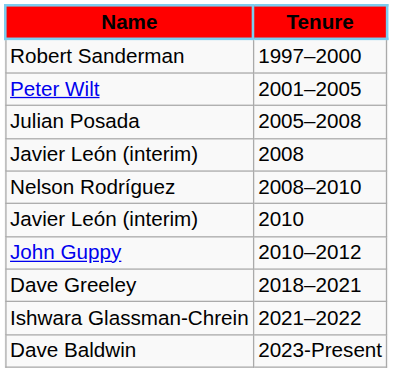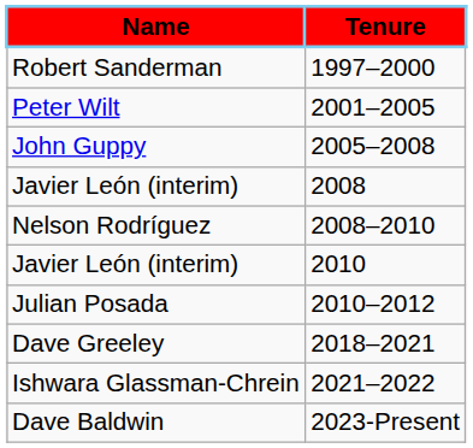 <table class="wikitable">
 <tr>
 <th style="background:#FF0000; color:#000; border:2px solid #7CCDEF;" scope="col">Name</th>
 <th style="background:#FF0000; color:#000; border:2px solid #7CCDEF;" scope="col">Tenure</th>
 </tr>
 <tr>
 <td>Robert Sanderman</td>
 <td>1997–2000</td>
 </tr>
 <tr>
 <td><a href='#'>Peter Wilt</a></td>
 <td>2001–2005</td>
 </tr>
 <tr>
-<td>Julian Posada</td>
+<td><a href='#'>John Guppy</a></td>
 <td>2005–2008</td>
 </tr>
 <tr>
 <td>Javier León (interim)</td>
 <td>2008</td>
 </tr>
 <tr>
 <td>Nelson Rodríguez</td>
 <td>2008–2010</td>
 </tr>
 <tr>
 <td>Javier León (interim)</td>
 <td>2010</td>
 </tr>
 <tr>
-<td><a href='#'>John Guppy</a></td>
+<td>Julian Posada</td>
 <td>2010–2012</td>
 </tr>
 <tr>
 <td>Dave Greeley</td>
 <td>2018–2021</td>
 </tr>
 <tr>
 <td>Ishwara Glassman-Chrein</td>
 <td>2021–2022</td>
 </tr>
 <tr>
 <td>Dave Baldwin</td>
 <td>2023-Present</td>
 </tr>
 </table>
